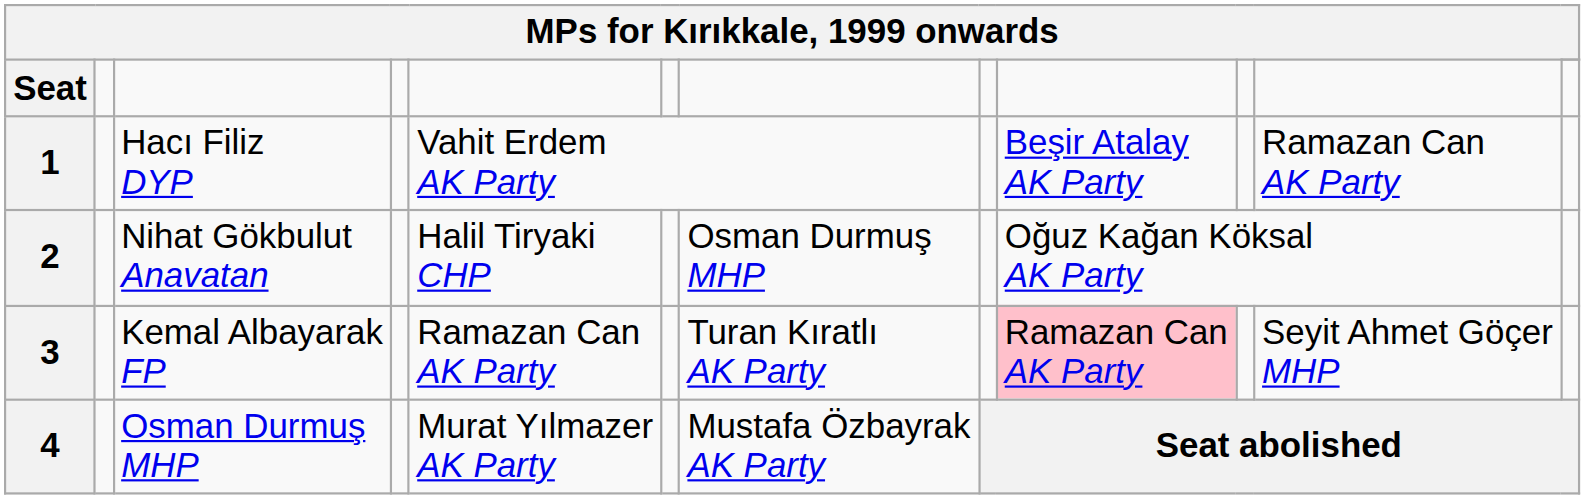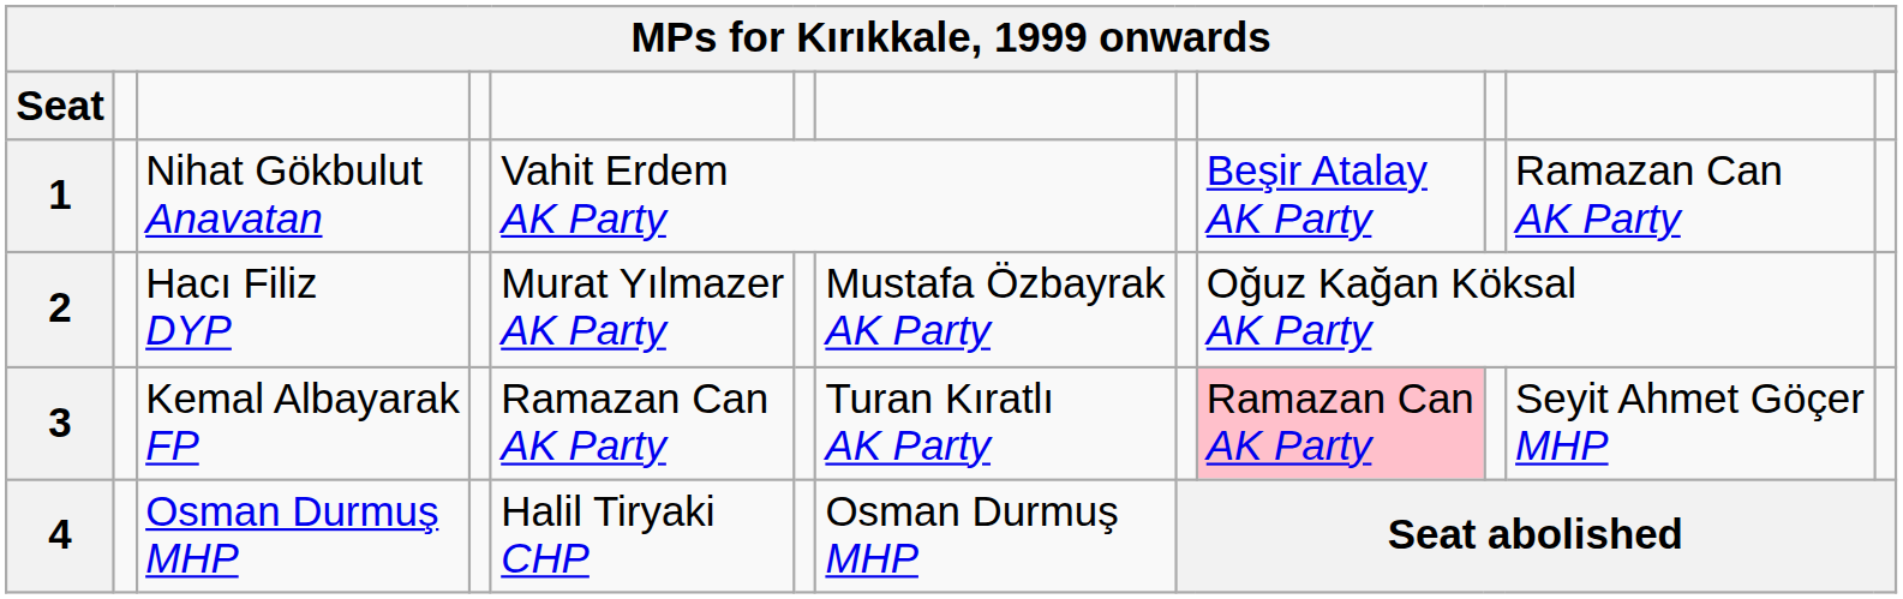 <table class="wikitable">
 <tr>
 <th colspan = 12>MPs for Kırıkkale, 1999 onwards</th>
 </tr>
 <tr>
 <th rowspan = 2>Seat</th>
 <td rowspan="2" style="width:1px;"></td>
 <td rowspan = 2></td>
 <td rowspan="2" style="width:1px;"></td>
 <td rowspan = 2></td>
 <td rowspan="2" style="width:1px;"></td>
 <td rowspan = 2></td>
 <td rowspan="2" style="width:1px;"></td>
 <td rowspan = 2></td>
 <td rowspan="2" style="width:1px;"></td>
 <td rowspan = 2></td>
 </tr>
 <tr>
 <td></td>
 </tr>
 <tr>
 <th>1</th>
 <td width=1px style="background-color: "></td>
-<td colspan = 1>Hacı Filiz<br><em><a href='#'>DYP</a></em></td>
+<td colspan = 1>Nihat Gökbulut<br><em><a href='#'>Anavatan</a></em></td>
 <td width=1px style="background-color: "></td>
 <td colspan = 3>Vahit Erdem<br><em><a href='#'>AK Party</a></em></td>
 <td width=1px style="background-color: "></td>
 <td colspan = 1><a href='#'>Beşir Atalay</a><br><em><a href='#'>AK Party</a></em></td>
 <td width=1px style="background-color: "></td>
 <td colspan = 1>Ramazan Can<br><em><a href='#'>AK Party</a></em></td>
 <td width=1px style="background-color: "></td>
 </tr>
 <tr>
 <th>2</th>
 <td width=1px style="background-color: "></td>
-<td colspan = 1>Nihat Gökbulut<br><em><a href='#'>Anavatan</a></em></td>
+<td colspan = 1>Hacı Filiz<br><em><a href='#'>DYP</a></em></td>
 <td width=1px style="background-color: "></td>
-<td colspan = 1>Halil Tiryaki<br><em><a href='#'>CHP</a></em></td>
+<td colspan = 1>Murat Yılmazer<br><em><a href='#'>AK Party</a></em></td>
 <td width=1px style="background-color: "></td>
-<td colspan = 1>Osman Durmuş<br><em><a href='#'>MHP</a></em></td>
+<td colspan = 1>Mustafa Özbayrak<br><em><a href='#'>AK Party</a></em></td>
 <td width=1px style="background-color: "></td>
 <td colspan = 3>Oğuz Kağan Köksal<br><em><a href='#'>AK Party</a></em></td>
 <td width=1px style="background-color: "></td>
 </tr>
 <tr>
 <th>3</th>
 <td width=1px style="background-color: "></td>
 <td colspan = 1>Kemal Albayarak<br><em><a href='#'>FP</a></em></td>
 <td width=1px style="background-color: "></td>
 <td colspan = 1>Ramazan Can<br><em><a href='#'>AK Party</a></em></td>
 <td width=1px style="background-color: "></td>
 <td colspan = 1>Turan Kıratlı<br><em><a href='#'>AK Party</a></em></td>
 <td width=1px style="background-color: "></td>
 <td colspan = 1 style="background: pink;">Ramazan Can<br><em><a href='#'>AK Party</a></em></td>
 <td width=1px style="background-color: "></td>
 <td colspan = 1>Seyit Ahmet Göçer<br><em><a href='#'>MHP</a></em></td>
 <td width=1px style="background-color: "></td>
 </tr>
 <tr>
 <th>4</th>
 <td width=1px style="background-color: "></td>
 <td colspan = 1><a href='#'>Osman Durmuş</a><br><em><a href='#'>MHP</a></em></td>
 <td width=1px style="background-color: "></td>
-<td colspan = 1>Murat Yılmazer<br><em><a href='#'>AK Party</a></em></td>
+<td colspan = 1>Halil Tiryaki<br><em><a href='#'>CHP</a></em></td>
 <td width=1px style="background-color: "></td>
-<td colspan = 1>Mustafa Özbayrak<br><em><a href='#'>AK Party</a></em></td>
+<td colspan = 1>Osman Durmuş<br><em><a href='#'>MHP</a></em></td>
 <th colspan = 5>Seat abolished</th>
 </tr>
 </table>
